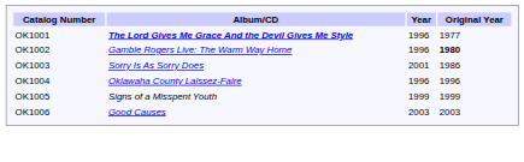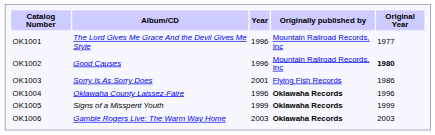 <table cellpadding=2 cellspacing=2 width=600px style="font-family: verdana, sans-serif; padding: 6px; margin: 0 0 1em 1em; font-size: 11px; background-color: #f7f8ff; border:1px solid #8888aa;">
 <tr style=background:#ccccff>
 <th>Catalog Number</th>
 <th>Album/CD</th>
 <th>Year</th>
+<th>Originally published by</th>
 <th>Original Year</th>
 </tr>
 <tr>
 <td>OK1001</td>
-<td><strong><em><a href='#'>The Lord Gives Me Grace And the Devil Gives Me Style</a></em></strong></td>
+<td><em><a href='#'>The Lord Gives Me Grace And the Devil Gives Me Style</a></em></td>
 <td>1996</td>
+<td><a href='#'>Mountain Railroad Records, Inc</a></td>
 <td>1977</td>
 </tr>
 <tr>
 <td>OK1002</td>
-<td><em><a href='#'>Gamble Rogers Live: The Warm Way Home</a></em></td>
+<td><em><a href='#'>Good Causes</a></em></td>
 <td>1996</td>
+<td><a href='#'>Mountain Railroad Records, Inc</a></td>
 <td><strong>1980</strong></td>
 </tr>
 <tr>
 <td>OK1003</td>
 <td><em><a href='#'>Sorry Is As Sorry Does</a></em></td>
 <td>2001</td>
+<td><a href='#'>Flying Fish Records</a></td>
 <td>1986</td>
 </tr>
 <tr>
 <td>OK1004</td>
 <td><em><a href='#'>Oklawaha County Laissez-Faire</a></em></td>
 <td>1996</td>
+<td><strong>Oklawaha Records</strong></td>
 <td>1996</td>
 </tr>
 <tr>
 <td>OK1005</td>
 <td><em>Signs of a Misspent Youth</em></td>
 <td>1999</td>
+<td><strong>Oklawaha Records</strong></td>
 <td>1999</td>
 </tr>
 <tr>
 <td>OK1006</td>
-<td><em><a href='#'>Good Causes</a></em></td>
+<td><em><a href='#'>Gamble Rogers Live: The Warm Way Home</a></em></td>
 <td>2003</td>
+<td><strong>Oklawaha Records</strong></td>
 <td>2003</td>
 </tr>
 </table>
